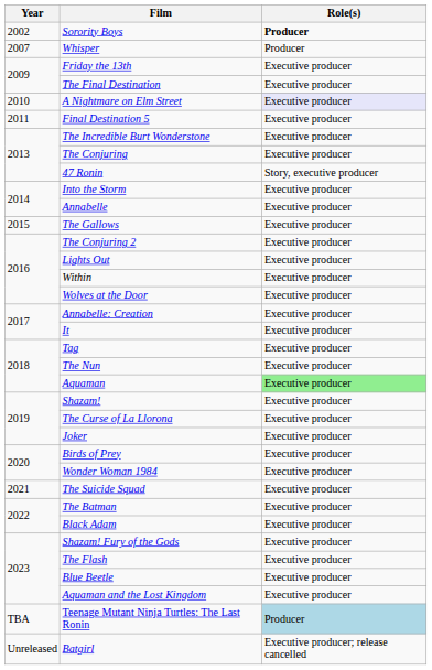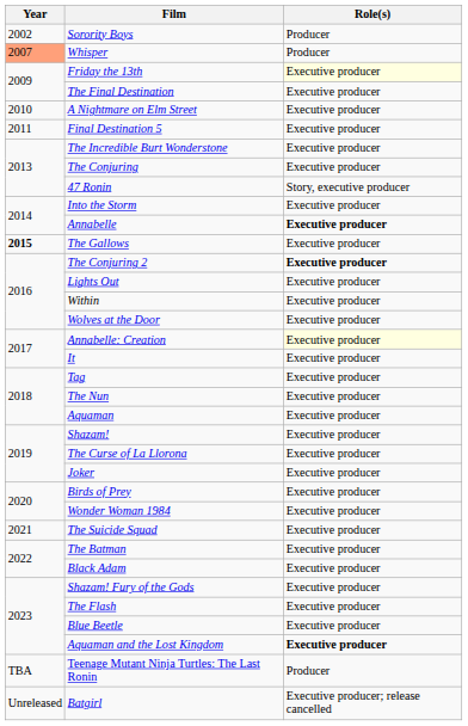 <table class="wikitable sortable">
 <tr>
 <th>Year</th>
 <th>Film</th>
 <th>Role(s)</th>
 </tr>
 <tr>
 <td>2002</td>
 <td><em><a href='#'>Sorority Boys</a></em></td>
-<td><strong>Producer</strong></td>
+<td>Producer</td>
 </tr>
 <tr>
-<td>2007</td>
+<td style="background: lightsalmon;">2007</td>
 <td><em><a href='#'>Whisper</a></em></td>
 <td>Producer</td>
 </tr>
 <tr>
 <td rowspan="2">2009</td>
 <td><em><a href='#'>Friday the 13th</a></em></td>
-<td>Executive producer</td>
+<td style="background: lightyellow;">Executive producer</td>
 </tr>
 <tr>
 <td><em><a href='#'>The Final Destination</a></em></td>
 <td>Executive producer</td>
 </tr>
 <tr>
 <td>2010</td>
 <td><em><a href='#'>A Nightmare on Elm Street</a></em></td>
-<td style="background: lavender;">Executive producer</td>
+<td>Executive producer</td>
 </tr>
 <tr>
 <td>2011</td>
 <td><em><a href='#'>Final Destination 5</a></em></td>
 <td>Executive producer</td>
 </tr>
 <tr>
 <td rowspan="3">2013</td>
 <td><em><a href='#'>The Incredible Burt Wonderstone</a></em></td>
 <td>Executive producer</td>
 </tr>
 <tr>
 <td><em><a href='#'>The Conjuring</a></em></td>
 <td>Executive producer</td>
 </tr>
 <tr>
 <td><em><a href='#'>47 Ronin</a></em></td>
 <td>Story, executive producer</td>
 </tr>
 <tr>
 <td rowspan="2">2014</td>
 <td><em><a href='#'>Into the Storm</a></em></td>
 <td>Executive producer</td>
 </tr>
 <tr>
 <td><em><a href='#'>Annabelle</a></em></td>
-<td>Executive producer</td>
+<td><strong>Executive producer</strong></td>
 </tr>
 <tr>
-<td>2015</td>
+<td><strong>2015</strong></td>
 <td><em><a href='#'>The Gallows</a></em></td>
 <td>Executive producer</td>
 </tr>
 <tr>
 <td rowspan="4">2016</td>
 <td><em><a href='#'>The Conjuring 2</a></em></td>
-<td>Executive producer</td>
+<td><strong>Executive producer</strong></td>
 </tr>
 <tr>
 <td><em><a href='#'>Lights Out</a></em></td>
 <td>Executive producer</td>
 </tr>
 <tr>
 <td><em>Within</em></td>
 <td>Executive producer</td>
 </tr>
 <tr>
 <td><em><a href='#'>Wolves at the Door</a></em></td>
 <td>Executive producer</td>
 </tr>
 <tr>
 <td rowspan="2">2017</td>
 <td><em><a href='#'>Annabelle: Creation</a></em></td>
-<td>Executive producer</td>
+<td style="background: lightyellow;">Executive producer</td>
 </tr>
 <tr>
 <td><em><a href='#'>It</a></em></td>
 <td>Executive producer</td>
 </tr>
 <tr>
 <td rowspan="3">2018</td>
 <td><em><a href='#'>Tag</a></em></td>
 <td>Executive producer</td>
 </tr>
 <tr>
 <td><em><a href='#'>The Nun</a></em></td>
 <td>Executive producer</td>
 </tr>
 <tr>
 <td><em><a href='#'>Aquaman</a></em></td>
-<td style="background: lightgreen;">Executive producer</td>
+<td>Executive producer</td>
 </tr>
 <tr>
 <td rowspan="3">2019</td>
 <td><em><a href='#'>Shazam!</a></em></td>
 <td>Executive producer</td>
 </tr>
 <tr>
 <td><em><a href='#'>The Curse of La Llorona</a></em></td>
 <td>Executive producer</td>
 </tr>
 <tr>
 <td><em><a href='#'>Joker</a></em></td>
 <td>Executive producer</td>
 </tr>
 <tr>
 <td rowspan="2">2020</td>
 <td><em><a href='#'>Birds of Prey</a></em></td>
 <td>Executive producer</td>
 </tr>
 <tr>
 <td><em><a href='#'>Wonder Woman 1984</a></em></td>
 <td>Executive producer</td>
 </tr>
 <tr>
 <td>2021</td>
 <td><em><a href='#'>The Suicide Squad</a></em></td>
 <td>Executive producer</td>
 </tr>
 <tr>
 <td rowspan="2">2022</td>
 <td><em><a href='#'>The Batman</a></em></td>
 <td>Executive producer</td>
 </tr>
 <tr>
 <td><em><a href='#'>Black Adam</a></em></td>
 <td>Executive producer</td>
 </tr>
 <tr>
 <td rowspan="4">2023</td>
 <td><em><a href='#'>Shazam! Fury of the Gods</a></em></td>
 <td>Executive producer</td>
 </tr>
 <tr>
 <td><em><a href='#'>The Flash</a></em></td>
 <td>Executive producer</td>
 </tr>
 <tr>
 <td><em><a href='#'>Blue Beetle</a></em></td>
 <td>Executive producer</td>
 </tr>
 <tr>
 <td><em><a href='#'>Aquaman and the Lost Kingdom</a></em></td>
-<td>Executive producer</td>
+<td><strong>Executive producer</strong></td>
 </tr>
 <tr>
 <td>TBA</td>
 <td><em><a href='#'></em>Teenage Mutant Ninja Turtles: The Last Ronin<em></a></em></td>
-<td style="background: lightblue;">Producer</td>
+<td>Producer</td>
 </tr>
 <tr>
 <td>Unreleased</td>
 <td><em><a href='#'>Batgirl</a></em></td>
 <td>Executive producer; release cancelled</td>
 </tr>
 </table>
